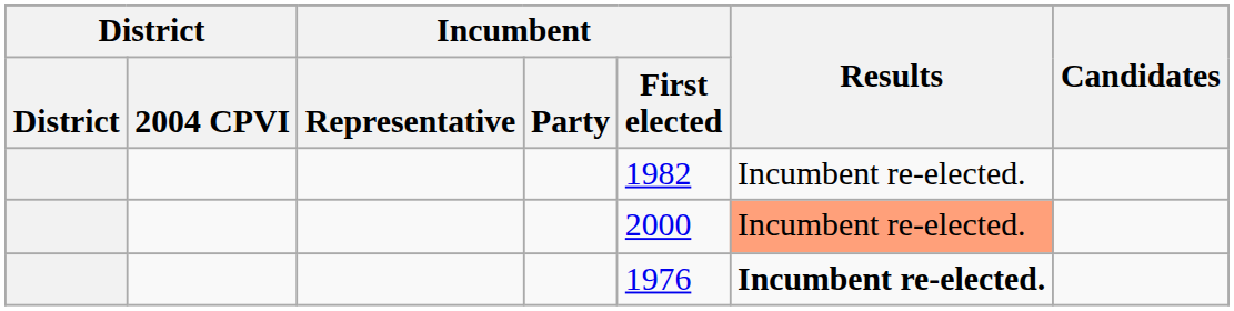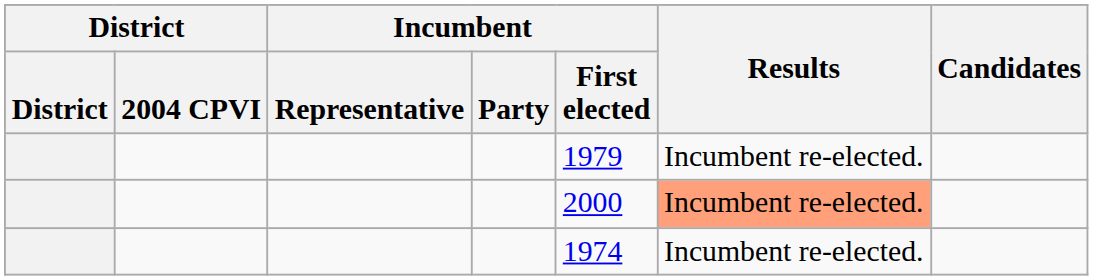 <table class="wikitable sortable">
 <tr>
 <th colspan=2>District</th>
 <th colspan=3>Incumbent</th>
 <th rowspan=2>Results</th>
 <th rowspan=2>Candidates</th>
 </tr>
 <tr valign=bottom>
 <th>District</th>
 <th>2004 CPVI</th>
 <th>Representative</th>
 <th>Party</th>
 <th>First<br>elected</th>
 </tr>
 <tr>
 <th></th>
 <td></td>
 <td></td>
 <td></td>
-<td><a href='#'>1982</a></td>
+<td><a href='#'>1979</a></td>
 <td>Incumbent re-elected.</td>
 <td nowrap></td>
 </tr>
 <tr>
 <th></th>
 <td></td>
 <td></td>
 <td></td>
 <td><a href='#'>2000</a></td>
 <td style="background: lightsalmon;">Incumbent re-elected.</td>
 <td nowrap></td>
 </tr>
 <tr>
 <th></th>
 <td></td>
 <td></td>
 <td></td>
-<td><a href='#'>1976</a></td>
-<td><strong>Incumbent re-elected.</strong></td>
+<td><a href='#'>1974</a></td>
+<td>Incumbent re-elected.</td>
 <td nowrap></td>
 </tr>
 </table>
